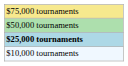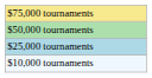 <table class="wikitable"  style="font-size:85%; width:15%;">
 <tr style="background:#f7e98e;">
 <td>$75,000 tournaments</td>
 </tr>
 <tr style="background:#addfad;">
 <td>$50,000 tournaments</td>
 </tr>
 <tr style="background:lightblue;">
-<td><strong>$25,000 tournaments</strong></td>
+<td>$25,000 tournaments</td>
 </tr>
 <tr style="background:#f0f8ff;">
 <td>$10,000 tournaments</td>
 </tr>
 </table>
